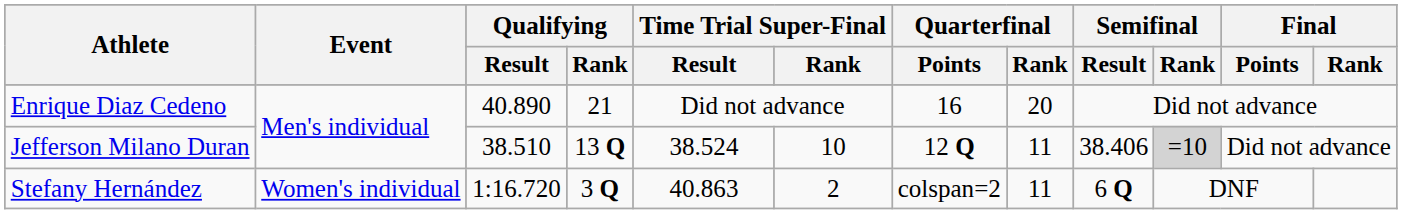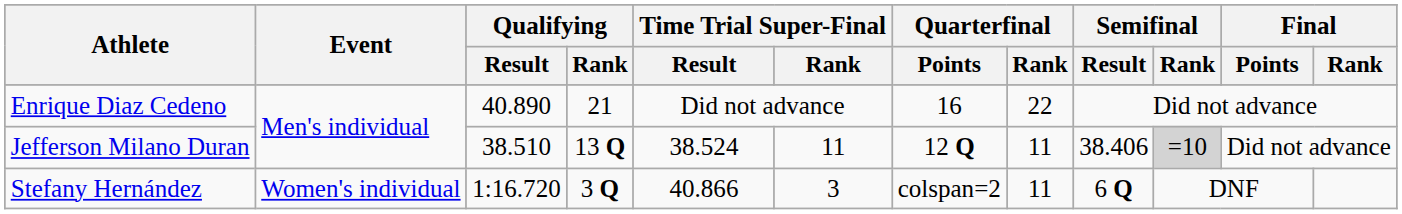 <table class="wikitable" style="font-size:90%">
 <tr>
 <th rowspan="2">Athlete</th>
 <th rowspan="2">Event</th>
 <th colspan="2">Qualifying</th>
 <th colspan="2">Time Trial Super-Final</th>
 <th colspan="2">Quarterfinal</th>
 <th colspan="2">Semifinal</th>
 <th colspan="2">Final</th>
 </tr>
 <tr style="font-size:95%">
 <th>Result</th>
 <th>Rank</th>
 <th>Result</th>
 <th>Rank</th>
 <th>Points</th>
 <th>Rank</th>
 <th>Result</th>
 <th>Rank</th>
 <th>Points</th>
 <th>Rank</th>
 </tr>
 <tr align=center>
 <td align=left><a href='#'>Enrique Diaz Cedeno</a></td>
 <td align=left rowspan=2><a href='#'>Men's individual</a></td>
 <td>40.890</td>
 <td>21</td>
 <td colspan=2>Did not advance</td>
 <td>16</td>
-<td>20</td>
+<td>22</td>
 <td colspan=4>Did not advance</td>
 </tr>
 <tr align=center>
 <td align=left><a href='#'>Jefferson Milano Duran</a></td>
 <td>38.510</td>
 <td>13 <strong>Q</strong></td>
 <td>38.524</td>
-<td>10</td>
+<td>11</td>
 <td>12 <strong>Q</strong></td>
 <td>11</td>
 <td>38.406</td>
 <td style="background: lightgrey;">=10</td>
 <td colspan=2>Did not advance</td>
 </tr>
 <tr align=center>
 <td align=left><a href='#'>Stefany Hernández</a></td>
 <td align=left rowspan=2><a href='#'>Women's individual</a></td>
 <td>1:16.720</td>
 <td>3 <strong>Q</strong></td>
-<td>40.863</td>
-<td>2</td>
+<td>40.866</td>
+<td>3</td>
 <td>colspan=2 </td>
 <td>11</td>
 <td>6 <strong>Q</strong></td>
 <td colspan=2>DNF</td>
 </tr>
 </table>
